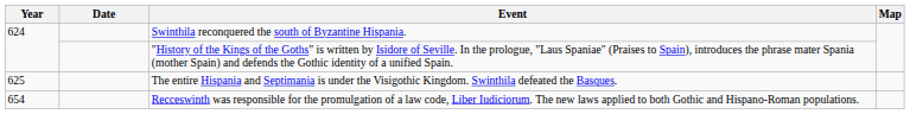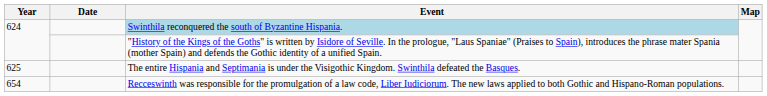 <table class="wikitable" style="width:100%">
 <tr>
 <th style="width:6%">Year</th>
 <th style="width:10%">Date</th>
 <th>Event</th>
 <th>Map</th>
 </tr>
 <tr>
 <td rowspan="2" valign="top">624</td>
 <td></td>
-<td><a href='#'>Swinthila</a> reconquered the <a href='#'>south of Byzantine Hispania</a>.</td>
+<td style="background: lightblue;"><a href='#'>Swinthila</a> reconquered the <a href='#'>south of Byzantine Hispania</a>.</td>
 </tr>
 <tr>
 <td></td>
 <td>"<a href='#'>History of the Kings of the Goths</a>" is written by <a href='#'>Isidore of Seville</a>. In the prologue, "Laus Spaniae" (Praises to <a href='#'>Spain</a>),  introduces the phrase mater Spania (mother Spain)  and defends the Gothic identity of a unified Spain.</td>
 </tr>
 <tr>
 <td>625</td>
 <td></td>
 <td>The entire <a href='#'>Hispania</a> and <a href='#'>Septimania</a> is under the Visigothic Kingdom. <a href='#'>Swinthila</a> defeated the <a href='#'>Basques</a>.</td>
 <td></td>
 </tr>
 <tr>
 <td>654</td>
 <td></td>
 <td><a href='#'>Recceswinth</a> was responsible for the promulgation of a law code, <a href='#'>Liber Iudiciorum</a>. The new laws applied to both Gothic and Hispano-Roman populations.</td>
 </tr>
 </table>
